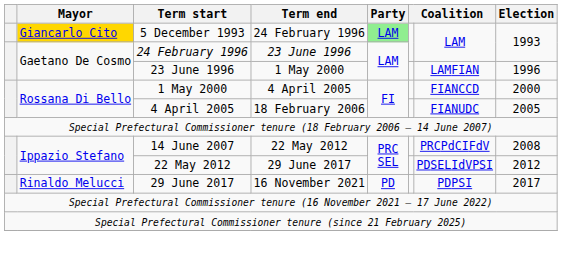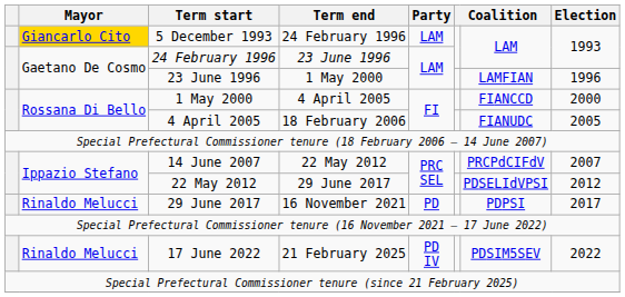 <table class="wikitable">
 <tr>
 <th class=unsortable> </th>
 <th>Mayor</th>
 <th>Term start</th>
 <th>Term end</th>
 <th>Party</th>
 <th colspan="2">Coalition</th>
 <th>Election</th>
 </tr>
 <tr>
 <th style="background:"></th>
 <td style="background: gold;"><a href='#'>Giancarlo Cito</a></td>
 <td align=center>5 December 1993</td>
 <td align=center>24 February 1996</td>
-<td align=center style="background: lightgreen;"><a href='#'>LAM</a></td>
+<td align=center><a href='#'>LAM</a></td>
 <td rowspan=2 style="background: "></td>
 <td rowspan=2 align=center><a href='#'>LAM</a></td>
 <td rowspan=2 align=center>1993</td>
 </tr>
 <tr>
 <th rowspan=2 style="background:"></th>
 <td rowspan=2>Gaetano De Cosmo</td>
 <td align=center><em>24 February 1996</em></td>
 <td align=center><em>23 June 1996</em></td>
 <td rowspan=2 align=center><a href='#'>LAM</a></td>
 </tr>
 <tr>
 <td align=center>23 June 1996</td>
 <td align=center>1 May 2000</td>
 <td style="background: "></td>
 <td align=center><a href='#'>LAM</a><a href='#'>FI</a><a href='#'>AN</a></td>
 <td align=center>1996</td>
 </tr>
 <tr>
 <th rowspan=2 style="background:"></th>
 <td rowspan=2><a href='#'>Rossana Di Bello</a></td>
 <td align=center>1 May 2000</td>
 <td align=center>4 April 2005</td>
 <td rowspan=2 align=center><a href='#'>FI</a></td>
 <td style="background: "></td>
 <td align=center><a href='#'>FI</a><a href='#'>AN</a><a href='#'>CCD</a></td>
 <td align=center>2000</td>
 </tr>
 <tr>
 <td align=center>4 April 2005</td>
 <td align=center>18 February 2006</td>
 <td style="background: "></td>
 <td align=center><a href='#'>FI</a><a href='#'>AN</a><a href='#'>UDC</a></td>
 <td align=center>2005</td>
 </tr>
 <tr>
 <td colspan=8 align=center><small><em>Special Prefectural Commissioner tenure (18 February 2006 – 14 June 2007)</em></small></td>
 </tr>
 <tr>
 <th rowspan=2 style="background:"></th>
 <td rowspan=2><a href='#'>Ippazio Stefano</a></td>
 <td align=center>14 June 2007</td>
 <td align=center>22 May 2012</td>
 <td rowspan=2 align=center><a href='#'>PRC</a><br><a href='#'>SEL</a></td>
 <td style="background: "></td>
 <td align=center><a href='#'>PRC</a><a href='#'>PdCI</a><a href='#'>FdV</a></td>
-<td align=center>2008</td>
+<td align=center>2007</td>
 </tr>
 <tr>
 <td align=center>22 May 2012</td>
 <td align=Center>29 June 2017</td>
 <td style="background: "></td>
 <td align=center><a href='#'>PD</a><a href='#'>SEL</a><a href='#'>IdV</a><a href='#'>PSI</a></td>
 <td align=center>2012</td>
 </tr>
 <tr>
 <th style="background:"></th>
 <td><a href='#'>Rinaldo Melucci</a></td>
 <td align=center>29 June 2017</td>
 <td align=center>16 November 2021</td>
 <td align=center><a href='#'>PD</a></td>
 <td style="background: "></td>
 <td align=center><a href='#'>PD</a><a href='#'>PSI</a></td>
 <td align=center>2017</td>
 </tr>
 <tr>
 <td colspan=8 align=center><small><em>Special Prefectural Commissioner tenure (16 November 2021 – 17 June 2022)</em></small></td>
 </tr>
 <tr>
+<th style="background:"></th>
+<td><a href='#'>Rinaldo Melucci</a></td>
+<td align=center>17 June 2022</td>
+<td align=center>21 February 2025</td>
+<td align=center><a href='#'>PD</a><br><a href='#'>IV</a></td>
+<td style="background: "></td>
+<td align=center><a href='#'>PD</a><a href='#'>SI</a><a href='#'>M5S</a><a href='#'>EV</a></td>
+<td align=center>2022</td>
+</tr>
+<tr>
 <td colspan=8 align=center><small><em>Special Prefectural Commissioner tenure (since 21 February 2025)</em></small></td>
 </tr>
 <tr>
 </tr>
 </table>
